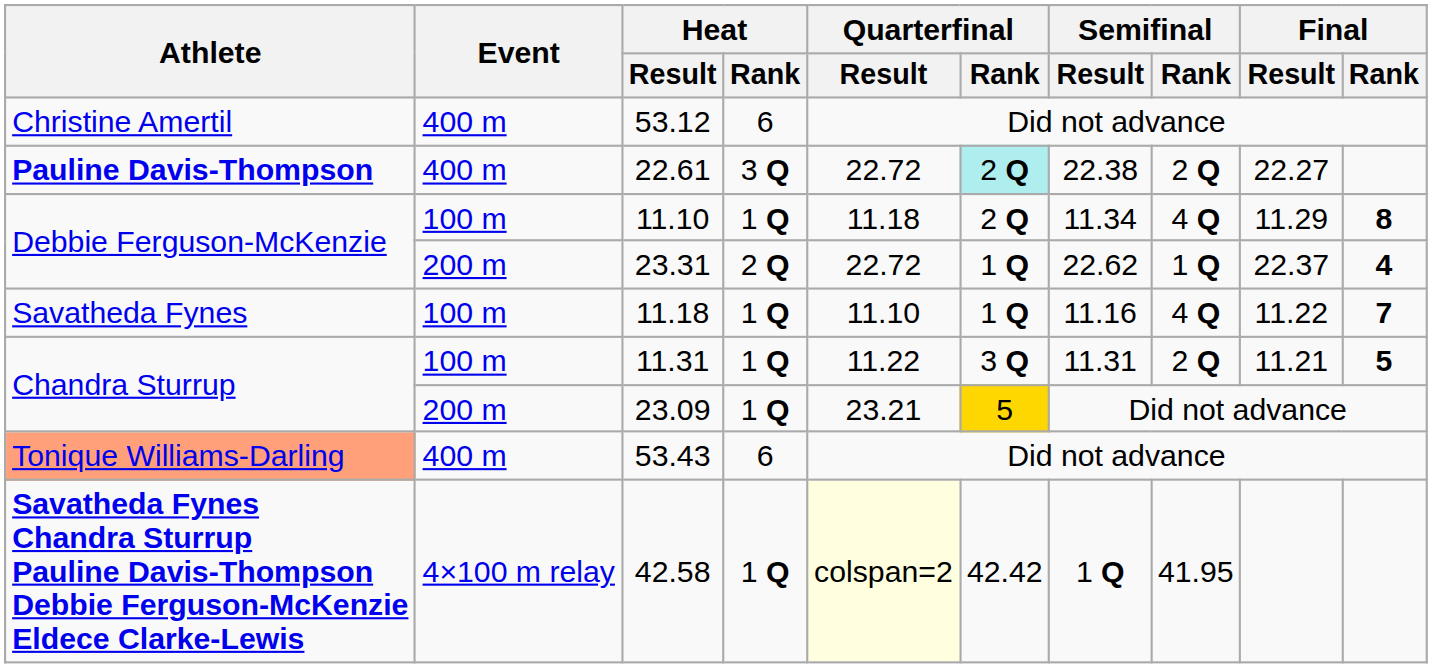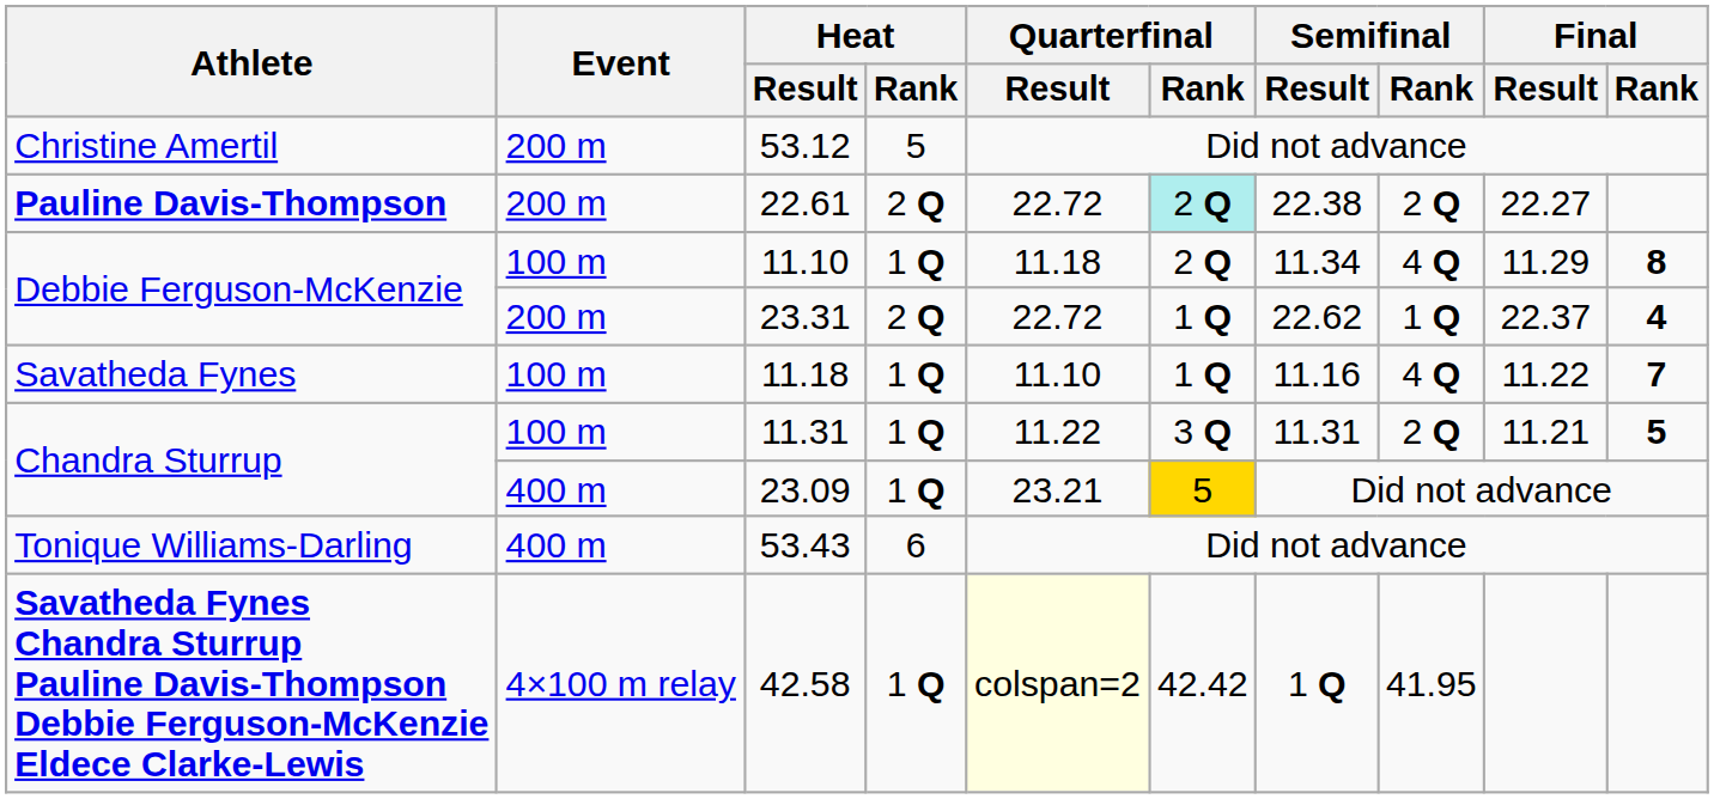 <table class="wikitable" style="font-size:90%">
 <tr>
 <th rowspan="2">Athlete</th>
 <th rowspan="2">Event</th>
 <th colspan="2">Heat</th>
 <th colspan="2">Quarterfinal</th>
 <th colspan="2">Semifinal</th>
 <th colspan="2">Final</th>
 </tr>
 <tr style="font-size:95%">
 <th>Result</th>
 <th>Rank</th>
 <th>Result</th>
 <th>Rank</th>
 <th>Result</th>
 <th>Rank</th>
 <th>Result</th>
 <th>Rank</th>
 </tr>
 <tr align=center>
 <td align=left><a href='#'>Christine Amertil</a></td>
-<td align=left><a href='#'>400 m</a></td>
+<td align=left><a href='#'>200 m</a></td>
 <td>53.12</td>
-<td>6</td>
+<td>5</td>
 <td colspan=6>Did not advance</td>
 </tr>
 <tr align=center>
 <td align=left><strong><a href='#'>Pauline Davis-Thompson</a></strong></td>
-<td align=left><a href='#'>400 m</a></td>
+<td align=left><a href='#'>200 m</a></td>
 <td>22.61</td>
-<td>3 <strong>Q</strong></td>
+<td>2 <strong>Q</strong></td>
 <td>22.72</td>
 <td style="background: paleturquoise;">2 <strong>Q</strong></td>
 <td>22.38</td>
 <td>2 <strong>Q</strong></td>
 <td>22.27</td>
 <td></td>
 </tr>
 <tr align=center>
 <td align=left rowspan=2><a href='#'>Debbie Ferguson-McKenzie</a></td>
 <td align=left><a href='#'>100 m</a></td>
 <td>11.10</td>
 <td>1 <strong>Q</strong></td>
 <td>11.18</td>
 <td>2 <strong>Q</strong></td>
 <td>11.34</td>
 <td>4 <strong>Q</strong></td>
 <td>11.29</td>
 <td><strong>8</strong></td>
 </tr>
 <tr align=center>
 <td align=left><a href='#'>200 m</a></td>
 <td>23.31</td>
 <td>2 <strong>Q</strong></td>
 <td>22.72</td>
 <td>1 <strong>Q</strong></td>
 <td>22.62</td>
 <td>1 <strong>Q</strong></td>
 <td>22.37</td>
 <td><strong>4</strong></td>
 </tr>
 <tr align=center>
 <td align=left><a href='#'>Savatheda Fynes</a></td>
 <td align=left><a href='#'>100 m</a></td>
 <td>11.18</td>
 <td>1 <strong>Q</strong></td>
 <td>11.10</td>
 <td>1 <strong>Q</strong></td>
 <td>11.16</td>
 <td>4 <strong>Q</strong></td>
 <td>11.22</td>
 <td><strong>7</strong></td>
 </tr>
 <tr align=center>
 <td align=left rowspan=2><a href='#'>Chandra Sturrup</a></td>
 <td align=left><a href='#'>100 m</a></td>
 <td>11.31</td>
 <td>1 <strong>Q</strong></td>
 <td>11.22</td>
 <td>3 <strong>Q</strong></td>
 <td>11.31</td>
 <td>2 <strong>Q</strong></td>
 <td>11.21</td>
 <td><strong>5</strong></td>
 </tr>
 <tr align=center>
-<td align=left><a href='#'>200 m</a></td>
+<td align=left><a href='#'>400 m</a></td>
 <td>23.09</td>
 <td>1 <strong>Q</strong></td>
 <td>23.21</td>
 <td style="background: gold;">5</td>
 <td colspan=4>Did not advance</td>
 </tr>
 <tr align=center>
-<td align=left style="background: lightsalmon;"><a href='#'>Tonique Williams-Darling</a></td>
+<td align=left><a href='#'>Tonique Williams-Darling</a></td>
 <td align=left><a href='#'>400 m</a></td>
 <td>53.43</td>
 <td>6</td>
 <td colspan=6>Did not advance</td>
 </tr>
 <tr align=center>
 <td align=left><strong><a href='#'>Savatheda Fynes</a><br><a href='#'>Chandra Sturrup</a><br><a href='#'>Pauline Davis-Thompson</a><br><a href='#'>Debbie Ferguson-McKenzie</a><br><a href='#'>Eldece Clarke-Lewis</a></strong></td>
 <td align=left><a href='#'>4×100 m relay</a></td>
 <td>42.58</td>
 <td>1 <strong>Q</strong></td>
 <td style="background: lightyellow;">colspan=2 </td>
 <td>42.42</td>
 <td>1 <strong>Q</strong></td>
 <td>41.95</td>
 <td></td>
 </tr>
 </table>
